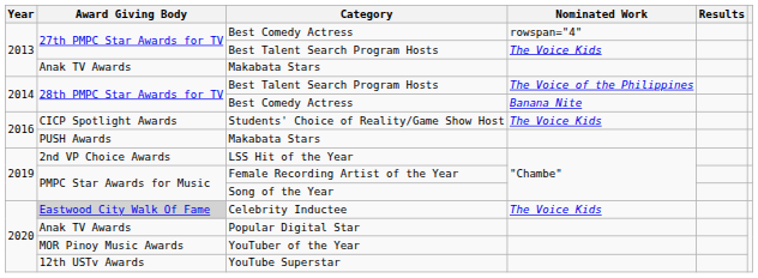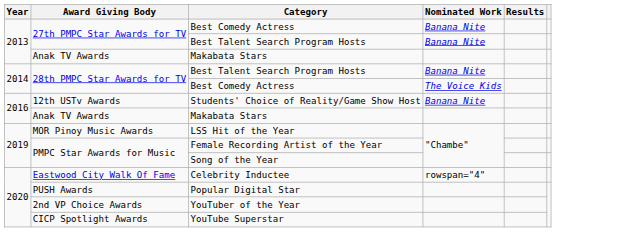 <table class="wikitable">
 <tr>
 <th>Year</th>
 <th>Award Giving Body</th>
 <th>Category</th>
 <th>Nominated Work</th>
 <th>Results</th>
 <th></th>
 </tr>
 <tr>
 <td rowspan=3>2013</td>
 <td rowspan=2><a href='#'>27th PMPC Star Awards for TV</a></td>
 <td>Best Comedy Actress</td>
-<td>rowspan="4" </td>
+<td><em><a href='#'>Banana Nite</a></em></td>
 <td></td>
 <td></td>
 </tr>
 <tr>
 <td>Best Talent Search Program Hosts</td>
-<td><em><a href='#'>The Voice Kids</a></em></td>
+<td><em><a href='#'>Banana Nite</a></em></td>
 <td></td>
 <td></td>
 </tr>
 <tr>
 <td>Anak TV Awards</td>
 <td>Makabata Stars</td>
 <td></td>
 <td></td>
 <td></td>
 </tr>
 <tr>
 <td rowspan=2>2014</td>
 <td rowspan=2><a href='#'>28th PMPC Star Awards for TV</a></td>
 <td>Best Talent Search Program Hosts</td>
-<td><em><a href='#'>The Voice of the Philippines</a></em></td>
+<td><em><a href='#'>Banana Nite</a></em></td>
 <td></td>
 <td></td>
 </tr>
 <tr>
 <td>Best Comedy Actress</td>
+<td><em><a href='#'>The Voice Kids</a></em></td>
+<td></td>
+<td></td>
+</tr>
+<tr>
+<td rowspan=2>2016</td>
+<td>12th USTv Awards</td>
+<td>Students' Choice of Reality/Game Show Host</td>
 <td><em><a href='#'>Banana Nite</a></em></td>
 <td></td>
 <td></td>
 </tr>
 <tr>
-<td rowspan=2>2016</td>
-<td>CICP Spotlight Awards</td>
-<td>Students' Choice of Reality/Game Show Host</td>
-<td><em><a href='#'>The Voice Kids</a></em></td>
-<td></td>
-<td></td>
-</tr>
-<tr>
-<td>PUSH Awards</td>
+<td>Anak TV Awards</td>
 <td>Makabata Stars</td>
 <td></td>
 <td></td>
 <td></td>
 </tr>
 <tr>
 <td rowspan="3">2019</td>
-<td>2nd VP Choice Awards</td>
+<td>MOR Pinoy Music Awards</td>
 <td>LSS Hit of the Year</td>
 <td rowspan="3">"Chambe"</td>
 <td></td>
 <td></td>
 </tr>
 <tr>
 <td rowspan="2">PMPC Star Awards for Music</td>
 <td>Female Recording Artist of the Year</td>
 <td></td>
 <td></td>
 </tr>
 <tr>
 <td>Song of the Year</td>
 <td></td>
 <td></td>
 </tr>
 <tr>
 <td rowspan="4">2020</td>
-<td style="background: lightgrey;"><a href='#'>Eastwood City Walk Of Fame</a></td>
+<td><a href='#'>Eastwood City Walk Of Fame</a></td>
 <td>Celebrity Inductee</td>
-<td><em><a href='#'>The Voice Kids</a></em></td>
+<td>rowspan="4" </td>
 <td></td>
 <td></td>
 </tr>
 <tr>
-<td>Anak TV Awards</td>
+<td>PUSH Awards</td>
 <td>Popular Digital Star</td>
 <td></td>
 <td></td>
 </tr>
 <tr>
-<td>MOR Pinoy Music Awards</td>
+<td>2nd VP Choice Awards</td>
 <td>YouTuber of the Year</td>
 <td></td>
 <td></td>
 </tr>
 <tr>
-<td>12th USTv Awards</td>
+<td>CICP Spotlight Awards</td>
 <td>YouTube Superstar</td>
 <td></td>
 <td></td>
 </tr>
 </table>
